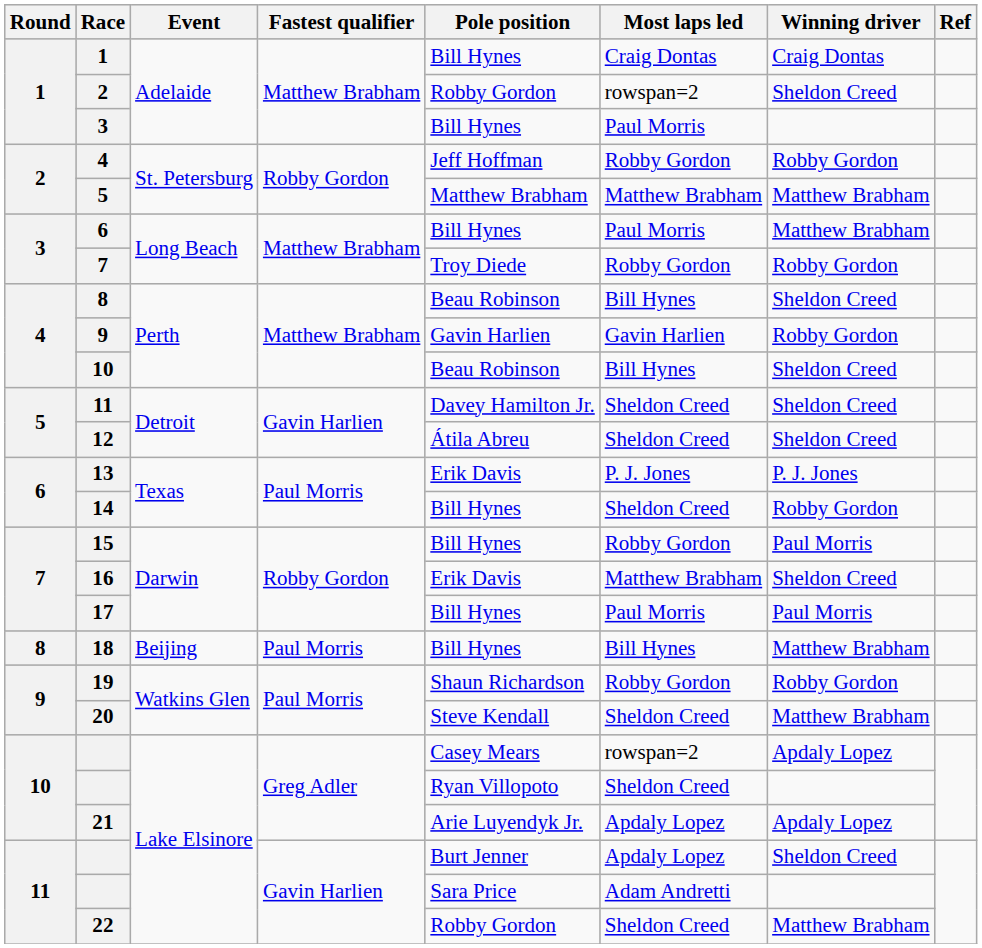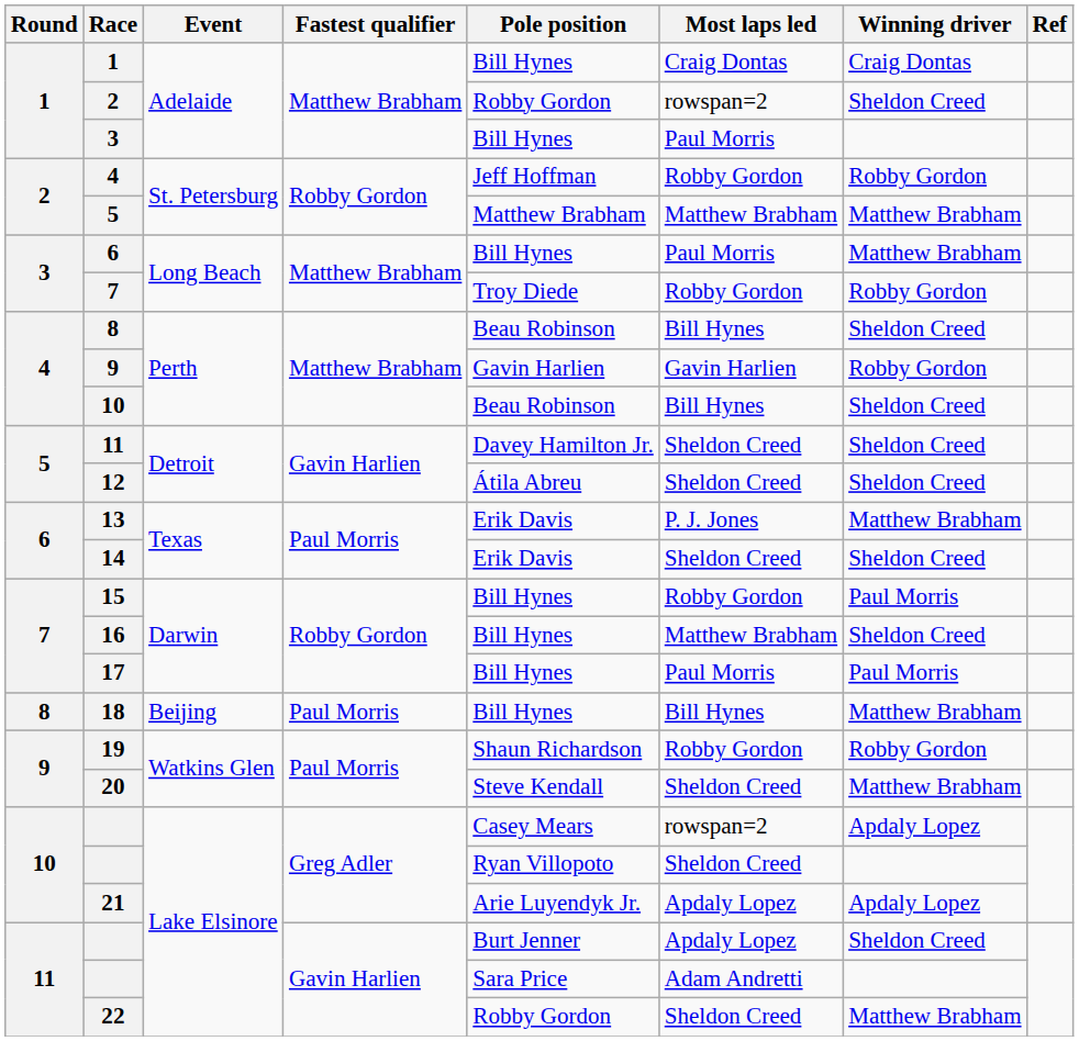 <table class="wikitable" style="font-size: 85%;">
 <tr>
 <th>Round</th>
 <th>Race</th>
 <th>Event</th>
 <th>Fastest qualifier</th>
 <th>Pole position</th>
 <th>Most laps led</th>
 <th>Winning driver</th>
 <th>Ref</th>
 </tr>
 <tr>
 <th rowspan=3>1</th>
 <th>1</th>
 <td rowspan=3><a href='#'>Adelaide</a></td>
 <td rowspan=3> <a href='#'>Matthew Brabham</a></td>
 <td> <a href='#'>Bill Hynes</a></td>
 <td> <a href='#'>Craig Dontas</a></td>
 <td> <a href='#'>Craig Dontas</a></td>
 <td></td>
 </tr>
 <tr>
 <th>2</th>
 <td> <a href='#'>Robby Gordon</a></td>
 <td>rowspan=2 </td>
 <td> <a href='#'>Sheldon Creed</a></td>
 <td></td>
 </tr>
 <tr>
 <th>3</th>
 <td> <a href='#'>Bill Hynes</a></td>
 <td> <a href='#'>Paul Morris</a></td>
 <td></td>
 </tr>
 <tr>
 <th rowspan=2>2</th>
 <th>4</th>
 <td rowspan=2><a href='#'>St. Petersburg</a></td>
 <td rowspan=2> <a href='#'>Robby Gordon</a></td>
 <td> <a href='#'>Jeff Hoffman</a></td>
 <td> <a href='#'>Robby Gordon</a></td>
 <td> <a href='#'>Robby Gordon</a></td>
 <td></td>
 </tr>
 <tr>
 <th>5</th>
 <td> <a href='#'>Matthew Brabham</a></td>
 <td> <a href='#'>Matthew Brabham</a></td>
 <td> <a href='#'>Matthew Brabham</a></td>
 <td></td>
 </tr>
 <tr>
 <th rowspan=2>3</th>
 <th>6</th>
 <td rowspan=2><a href='#'>Long Beach</a></td>
 <td rowspan=2> <a href='#'>Matthew Brabham</a></td>
 <td> <a href='#'>Bill Hynes</a></td>
 <td> <a href='#'>Paul Morris</a></td>
 <td> <a href='#'>Matthew Brabham</a></td>
 <td></td>
 </tr>
 <tr>
 <th>7</th>
 <td> <a href='#'>Troy Diede</a></td>
 <td> <a href='#'>Robby Gordon</a></td>
 <td> <a href='#'>Robby Gordon</a></td>
 <td></td>
 </tr>
 <tr>
 <th rowspan=3>4</th>
 <th>8</th>
 <td rowspan=3><a href='#'>Perth</a></td>
 <td rowspan=3> <a href='#'>Matthew Brabham</a></td>
 <td> <a href='#'>Beau Robinson</a></td>
 <td> <a href='#'>Bill Hynes</a></td>
 <td> <a href='#'>Sheldon Creed</a></td>
 <td></td>
 </tr>
 <tr>
 <th>9</th>
 <td> <a href='#'>Gavin Harlien</a></td>
 <td> <a href='#'>Gavin Harlien</a></td>
 <td> <a href='#'>Robby Gordon</a></td>
 <td></td>
 </tr>
 <tr>
 <th>10</th>
 <td> <a href='#'>Beau Robinson</a></td>
 <td> <a href='#'>Bill Hynes</a></td>
 <td> <a href='#'>Sheldon Creed</a></td>
 <td></td>
 </tr>
 <tr>
 <th rowspan=2>5</th>
 <th>11</th>
 <td rowspan=2><a href='#'>Detroit</a></td>
 <td rowspan=2> <a href='#'>Gavin Harlien</a></td>
 <td> <a href='#'>Davey Hamilton Jr.</a></td>
 <td> <a href='#'>Sheldon Creed</a></td>
 <td> <a href='#'>Sheldon Creed</a></td>
 <td></td>
 </tr>
 <tr>
 <th>12</th>
 <td> <a href='#'>Átila Abreu</a></td>
 <td> <a href='#'>Sheldon Creed</a></td>
 <td> <a href='#'>Sheldon Creed</a></td>
 <td></td>
 </tr>
 <tr>
 <th rowspan=2>6</th>
 <th>13</th>
 <td rowspan=2><a href='#'>Texas</a></td>
 <td rowspan=2> <a href='#'>Paul Morris</a></td>
 <td> <a href='#'>Erik Davis</a></td>
 <td> <a href='#'>P. J. Jones</a></td>
-<td> <a href='#'>P. J. Jones</a></td>
+<td> <a href='#'>Matthew Brabham</a></td>
 <td></td>
 </tr>
 <tr>
 <th>14</th>
-<td> <a href='#'>Bill Hynes</a></td>
+<td> <a href='#'>Erik Davis</a></td>
 <td> <a href='#'>Sheldon Creed</a></td>
-<td> <a href='#'>Robby Gordon</a></td>
+<td> <a href='#'>Sheldon Creed</a></td>
 <td></td>
 </tr>
 <tr>
 <th rowspan=3>7</th>
 <th>15</th>
 <td rowspan=3><a href='#'>Darwin</a></td>
 <td rowspan=3> <a href='#'>Robby Gordon</a></td>
 <td> <a href='#'>Bill Hynes</a></td>
 <td> <a href='#'>Robby Gordon</a></td>
 <td> <a href='#'>Paul Morris</a></td>
 <td></td>
 </tr>
 <tr>
 <th>16</th>
-<td> <a href='#'>Erik Davis</a></td>
+<td> <a href='#'>Bill Hynes</a></td>
 <td> <a href='#'>Matthew Brabham</a></td>
 <td> <a href='#'>Sheldon Creed</a></td>
 <td></td>
 </tr>
 <tr>
 <th>17</th>
 <td> <a href='#'>Bill Hynes</a></td>
 <td> <a href='#'>Paul Morris</a></td>
 <td> <a href='#'>Paul Morris</a></td>
 <td></td>
 </tr>
 <tr>
 <th>8</th>
 <th>18</th>
 <td><a href='#'>Beijing</a></td>
 <td> <a href='#'>Paul Morris</a></td>
 <td> <a href='#'>Bill Hynes</a></td>
 <td> <a href='#'>Bill Hynes</a></td>
 <td> <a href='#'>Matthew Brabham</a></td>
 <td></td>
 </tr>
 <tr>
 <th rowspan=2>9</th>
 <th>19</th>
 <td rowspan=2><a href='#'>Watkins Glen</a></td>
 <td rowspan=2> <a href='#'>Paul Morris</a></td>
 <td> <a href='#'>Shaun Richardson</a></td>
 <td> <a href='#'>Robby Gordon</a></td>
 <td> <a href='#'>Robby Gordon</a></td>
 <td></td>
 </tr>
 <tr>
 <th>20</th>
 <td> <a href='#'>Steve Kendall</a></td>
 <td> <a href='#'>Sheldon Creed</a></td>
 <td> <a href='#'>Matthew Brabham</a></td>
 <td></td>
 </tr>
 <tr>
 <th rowspan=3>10</th>
 <th></th>
 <td rowspan=6><a href='#'>Lake Elsinore</a></td>
 <td rowspan=3> <a href='#'>Greg Adler</a></td>
 <td> <a href='#'>Casey Mears</a></td>
 <td>rowspan=2 </td>
 <td> <a href='#'>Apdaly Lopez</a></td>
 <td rowspan=3></td>
 </tr>
 <tr>
 <th></th>
 <td> <a href='#'>Ryan Villopoto</a></td>
 <td> <a href='#'>Sheldon Creed</a></td>
 </tr>
 <tr>
 <th>21</th>
 <td> <a href='#'>Arie Luyendyk Jr.</a></td>
 <td> <a href='#'>Apdaly Lopez</a></td>
 <td> <a href='#'>Apdaly Lopez</a></td>
 </tr>
 <tr>
 <th rowspan=6>11</th>
 <th></th>
 <td rowspan=3> <a href='#'>Gavin Harlien</a></td>
 <td> <a href='#'>Burt Jenner</a></td>
 <td> <a href='#'>Apdaly Lopez</a></td>
 <td> <a href='#'>Sheldon Creed</a></td>
 <td rowspan=3></td>
 </tr>
 <tr>
 <th></th>
 <td> <a href='#'>Sara Price</a></td>
 <td> <a href='#'>Adam Andretti</a></td>
 </tr>
 <tr>
 <th>22</th>
 <td> <a href='#'>Robby Gordon</a></td>
 <td> <a href='#'>Sheldon Creed</a></td>
 <td> <a href='#'>Matthew Brabham</a></td>
 </tr>
 </table>
